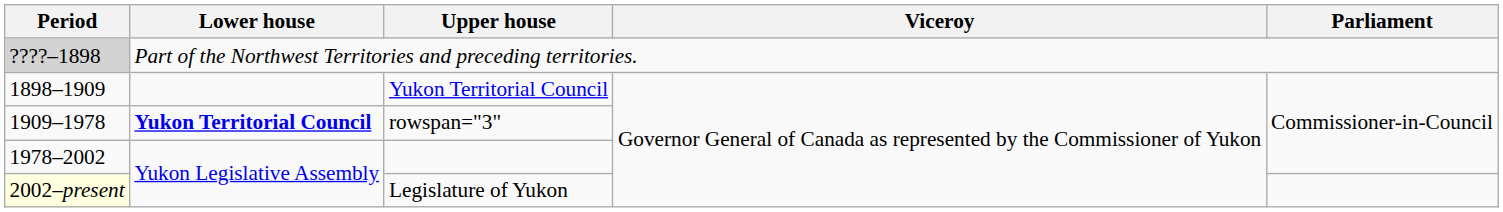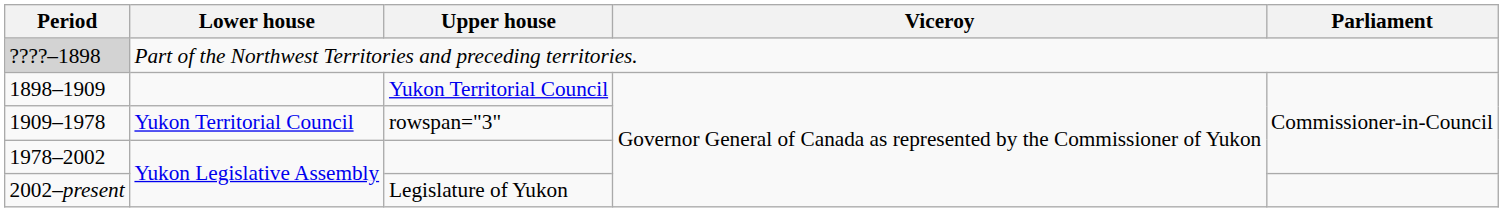 <table class="wikitable">
 <tr>
 <th>Period</th>
 <th>Lower house</th>
 <th>Upper house</th>
 <th>Viceroy</th>
 <th>Parliament</th>
 </tr>
 <tr>
 <td style="background: lightgrey;">????–1898</td>
 <td colspan="4"><em>Part of the Northwest Territories and preceding territories.</em></td>
 </tr>
 <tr>
 <td>1898–1909</td>
 <td></td>
 <td><a href='#'>Yukon Territorial Council</a></td>
 <td rowspan="4">Governor General of Canada as represented by the Commissioner of Yukon</td>
 <td rowspan="3">Commissioner-in-Council</td>
 </tr>
 <tr>
 <td>1909–1978</td>
-<td><strong><a href='#'>Yukon Territorial Council</a></strong></td>
+<td><a href='#'>Yukon Territorial Council</a></td>
 <td>rowspan="3" </td>
 </tr>
 <tr>
 <td>1978–2002</td>
 <td rowspan="2"><a href='#'>Yukon Legislative Assembly</a></td>
 </tr>
 <tr>
-<td style="background: lightyellow;">2002–<em>present</em></td>
+<td>2002–<em>present</em></td>
 <td>Legislature of Yukon</td>
 </tr>
 </table>
